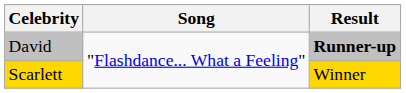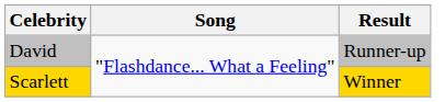 <table class="wikitable sortable collapsed">
 <tr>
 <th>Celebrity</th>
 <th>Song</th>
 <th>Result</th>
 </tr>
 <tr>
 <td style="background:silver;">David</td>
 <td rowspan=2>"<a href='#'>Flashdance... What a Feeling</a>"</td>
-<td style="background:silver;"><strong>Runner-up</strong></td>
+<td style="background:silver;">Runner-up</td>
 </tr>
 <tr>
 <td style="background:gold;">Scarlett</td>
 <td style="background:gold;">Winner</td>
 </tr>
 </table>
